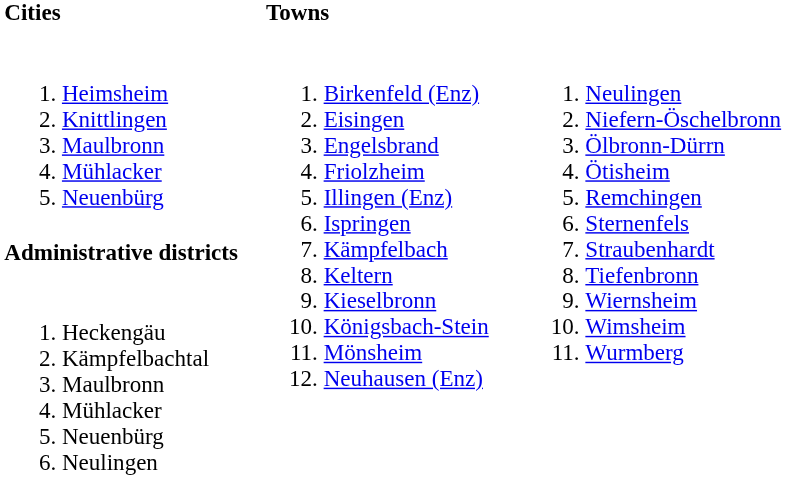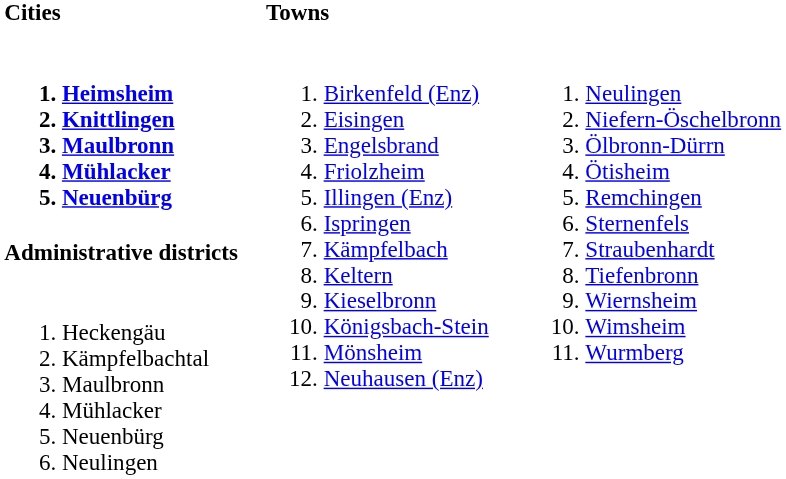 <table>
 <tr>
 <th width=33% align=left>Cities</th>
 <th width=33% align=left>Towns</th>
 <th width=33%></th>
 </tr>
 <tr valign=top>
-<td><br><ol><li><a href='#'>Heimsheim</a></li><li><a href='#'>Knittlingen</a></li><li><a href='#'>Maulbronn</a></li><li><a href='#'>Mühlacker</a></li><li><a href='#'>Neuenbürg</a></li></ol></td>
+<td><strong><br><ol><li><a href='#'>Heimsheim</a></li><li><a href='#'>Knittlingen</a></li><li><a href='#'>Maulbronn</a></li><li><a href='#'>Mühlacker</a></li><li><a href='#'>Neuenbürg</a></li></ol></strong></td>
 <td rowspan=3><br><ol><li><a href='#'>Birkenfeld (Enz)</a></li><li><a href='#'>Eisingen</a></li><li><a href='#'>Engelsbrand</a></li><li><a href='#'>Friolzheim</a></li><li><a href='#'>Illingen (Enz)</a></li><li><a href='#'>Ispringen</a></li><li><a href='#'>Kämpfelbach</a></li><li><a href='#'>Keltern</a></li><li><a href='#'>Kieselbronn</a></li><li><a href='#'>Königsbach-Stein</a></li><li><a href='#'>Mönsheim</a></li><li><a href='#'>Neuhausen (Enz)</a></li></ol></td>
 <td rowspan=3><br><ol> <li><a href='#'>Neulingen</a> <li><a href='#'>Niefern-Öschelbronn</a> <li><a href='#'>Ölbronn-Dürrn</a> <li><a href='#'>Ötisheim</a> <li><a href='#'>Remchingen</a> <li><a href='#'>Sternenfels</a> <li><a href='#'>Straubenhardt</a> <li><a href='#'>Tiefenbronn</a> <li><a href='#'>Wiernsheim</a> <li><a href='#'>Wimsheim</a> <li><a href='#'>Wurmberg</a> </ol></td>
 </tr>
 <tr>
 <th align=left>Administrative districts</th>
 </tr>
 <tr>
 <td><br><ol><li>Heckengäu</li><li>Kämpfelbachtal</li><li>Maulbronn</li><li>Mühlacker</li><li>Neuenbürg</li><li>Neulingen</li></ol></td>
 </tr>
 </table>
